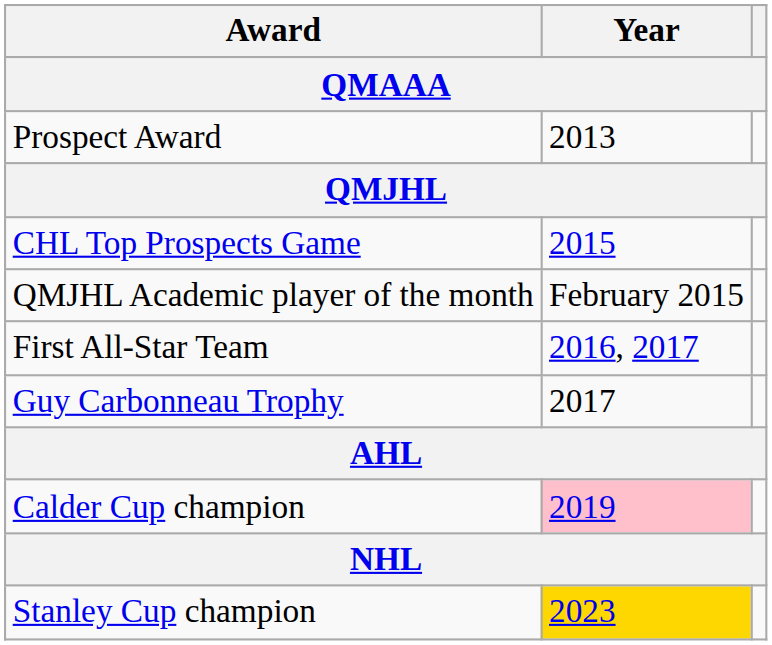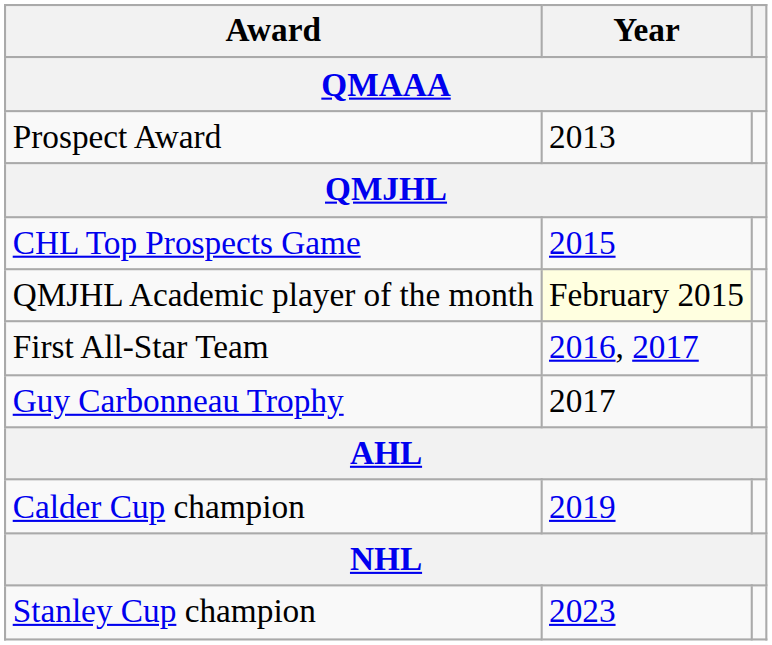 <table class="wikitable">
 <tr>
 <th>Award</th>
 <th>Year</th>
 <th></th>
 </tr>
 <tr>
 <th colspan="3"><a href='#'>QMAAA</a></th>
 </tr>
 <tr>
 <td>Prospect Award</td>
 <td>2013</td>
 <td></td>
 </tr>
 <tr>
 <th colspan="3"><a href='#'>QMJHL</a></th>
 </tr>
 <tr>
 <td><a href='#'>CHL Top Prospects Game</a></td>
 <td><a href='#'>2015</a></td>
 <td></td>
 </tr>
 <tr>
 <td>QMJHL Academic player of the month</td>
-<td>February 2015</td>
+<td style="background: lightyellow;">February 2015</td>
 <td></td>
 </tr>
 <tr>
 <td>First All-Star Team</td>
 <td><a href='#'>2016</a>, <a href='#'>2017</a></td>
 <td></td>
 </tr>
 <tr>
 <td><a href='#'>Guy Carbonneau Trophy</a></td>
 <td>2017</td>
 <td></td>
 </tr>
 <tr>
 <th colspan="3"><a href='#'>AHL</a></th>
 </tr>
 <tr>
 <td><a href='#'>Calder Cup</a> champion</td>
-<td style="background: pink;"><a href='#'>2019</a></td>
+<td><a href='#'>2019</a></td>
 <td></td>
 </tr>
 <tr>
 <th colspan="3"><a href='#'>NHL</a></th>
 </tr>
 <tr>
 <td><a href='#'>Stanley Cup</a> champion</td>
-<td style="background: gold;"><a href='#'>2023</a></td>
+<td><a href='#'>2023</a></td>
 <td></td>
 </tr>
 </table>
